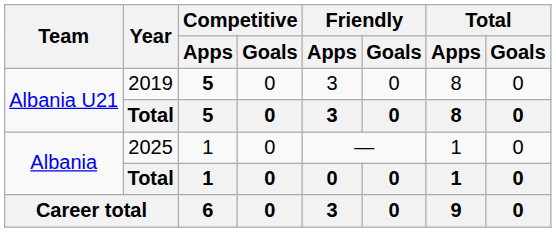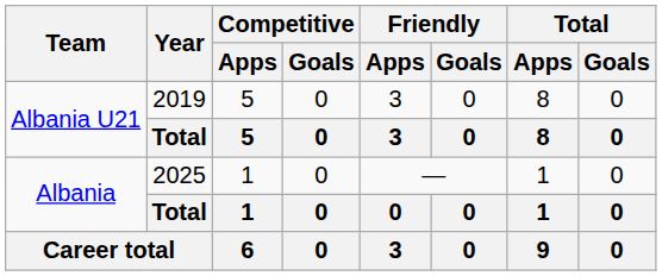 <table class="wikitable" style="text-align:center">
 <tr>
 <th rowspan=2>Team</th>
 <th rowspan=2>Year</th>
 <th colspan=2>Competitive</th>
 <th colspan=2>Friendly</th>
 <th colspan=2>Total</th>
 </tr>
 <tr>
 <th>Apps</th>
 <th>Goals</th>
 <th>Apps</th>
 <th>Goals</th>
 <th>Apps</th>
 <th>Goals</th>
 </tr>
 <tr>
 <td rowspan="2"><a href='#'>Albania U21</a></td>
 <td>2019</td>
-<td><strong>5</strong></td>
+<td>5</td>
 <td>0</td>
 <td>3</td>
 <td>0</td>
 <td>8</td>
 <td>0</td>
 </tr>
 <tr>
 <th>Total</th>
 <th>5</th>
 <th>0</th>
 <th>3</th>
 <th>0</th>
 <th>8</th>
 <th>0</th>
 </tr>
 <tr>
 <td rowspan="2"><a href='#'>Albania</a></td>
 <td>2025</td>
 <td>1</td>
 <td>0</td>
 <td colspan=2>—</td>
 <td>1</td>
 <td>0</td>
 </tr>
 <tr>
 <th>Total</th>
 <th>1</th>
 <th>0</th>
 <th>0</th>
 <th>0</th>
 <th>1</th>
 <th>0</th>
 </tr>
 <tr>
 <th colspan="2">Career total</th>
 <th>6</th>
 <th>0</th>
 <th>3</th>
 <th>0</th>
 <th>9</th>
 <th>0</th>
 </tr>
 </table>
